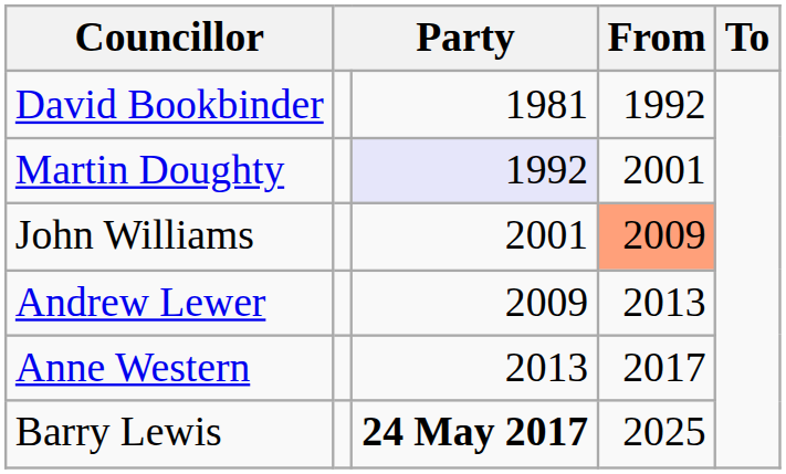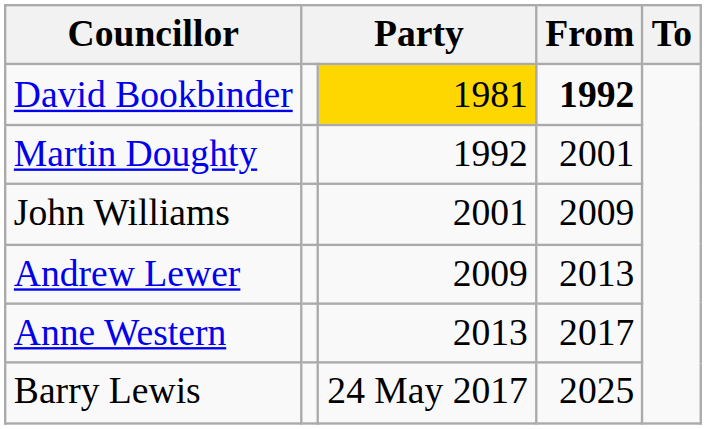 <table class=wikitable>
 <tr>
 <th>Councillor</th>
 <th colspan=2>Party</th>
 <th>From</th>
 <th>To</th>
 </tr>
 <tr>
 <td><a href='#'>David Bookbinder</a></td>
 <td></td>
-<td align=right>1981</td>
-<td align=right>1992</td>
+<td align=right style="background: gold;">1981</td>
+<td align=right><strong>1992</strong></td>
 </tr>
 <tr>
 <td><a href='#'>Martin Doughty</a></td>
 <td></td>
-<td align=right style="background: lavender;">1992</td>
+<td align=right>1992</td>
 <td align=right>2001</td>
 </tr>
 <tr>
 <td>John Williams</td>
 <td></td>
 <td align=right>2001</td>
-<td align=right style="background: lightsalmon;">2009</td>
+<td align=right>2009</td>
 </tr>
 <tr>
 <td><a href='#'>Andrew Lewer</a></td>
 <td></td>
 <td align=right>2009</td>
 <td align=right>2013</td>
 </tr>
 <tr>
 <td><a href='#'>Anne Western</a></td>
 <td></td>
 <td align=right>2013</td>
 <td align=right>2017</td>
 </tr>
 <tr>
 <td>Barry Lewis</td>
 <td></td>
-<td align=right><strong>24 May 2017</strong></td>
+<td align=right>24 May 2017</td>
 <td align=right>2025</td>
 </tr>
 </table>
